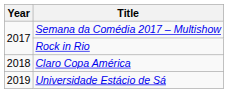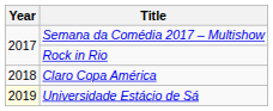 <table class="wikitable" style="font-size: 95%;">
 <tr>
 <th>Year</th>
 <th>Title</th>
 </tr>
 <tr>
 <td rowspan="2">2017</td>
 <td><em><a href='#'>Semana da Comédia 2017 – Multishow</a></em></td>
 </tr>
 <tr>
 <td><em><a href='#'>Rock in Rio</a></em></td>
 </tr>
 <tr>
 <td>2018</td>
 <td><em><a href='#'>Claro Copa América</a></em></td>
 </tr>
 <tr>
-<td>2019</td>
+<td style="background: lightyellow;">2019</td>
 <td><em><a href='#'>Universidade Estácio de Sá</a></em></td>
 </tr>
 </table>
